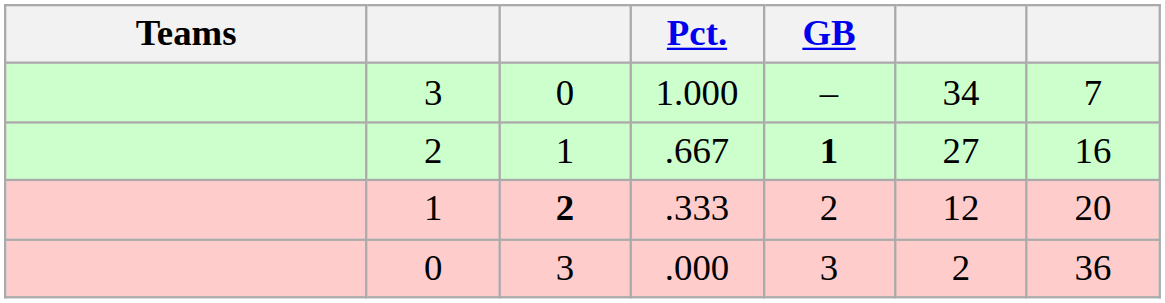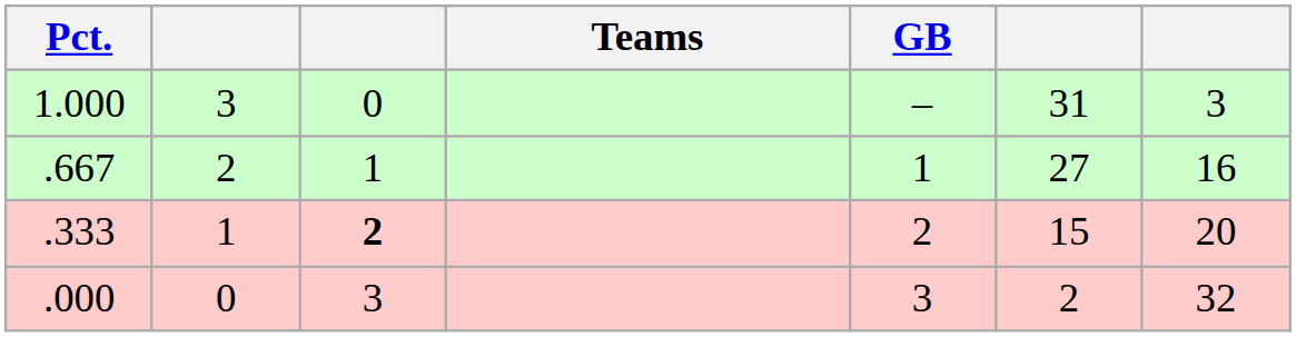 <table class="wikitable" style="text-align:center;">
 <tr>
-<th width=150px>Teams</th>
+<th width=50px><a href='#'>Pct.</a></th>
 <th width=50px></th>
 <th width=50px></th>
-<th width=50px><a href='#'>Pct.</a></th>
+<th width=150px>Teams</th>
 <th width=50px><a href='#'>GB</a></th>
 <th width=50px></th>
 <th width=50px></th>
 </tr>
 <tr style="background-color:#cfc">
-<td align=left></td>
+<td>1.000</td>
 <td>3</td>
 <td>0</td>
-<td>1.000</td>
+<td align=left></td>
 <td>–</td>
-<td>34</td>
-<td>7</td>
+<td>31</td>
+<td>3</td>
 </tr>
 <tr style="background-color:#cfc">
-<td align=left></td>
+<td>.667</td>
 <td>2</td>
 <td>1</td>
-<td>.667</td>
-<td><strong>1</strong></td>
+<td align=left></td>
+<td>1</td>
 <td>27</td>
 <td>16</td>
 </tr>
 <tr style="background-color:#fcc">
-<td align=left></td>
+<td>.333</td>
 <td>1</td>
 <td><strong>2</strong></td>
-<td>.333</td>
+<td align=left></td>
 <td>2</td>
-<td>12</td>
+<td>15</td>
 <td>20</td>
 </tr>
 <tr style="background-color:#fcc">
-<td align=left></td>
+<td>.000</td>
 <td>0</td>
 <td>3</td>
-<td>.000</td>
+<td align=left></td>
 <td>3</td>
 <td>2</td>
-<td>36</td>
+<td>32</td>
 </tr>
 </table>
